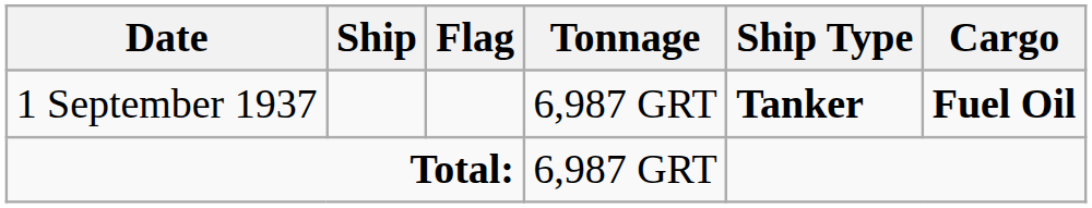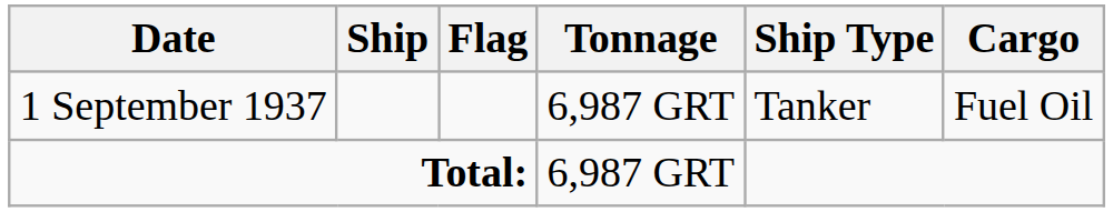 <table class="wikitable" style="margin:1em auto;">
 <tr>
 <th>Date</th>
 <th>Ship</th>
 <th>Flag</th>
 <th>Tonnage</th>
 <th>Ship Type</th>
 <th>Cargo</th>
 </tr>
 <tr>
 <td>1 September 1937</td>
 <td></td>
 <td></td>
 <td>6,987 GRT</td>
-<td><strong>Tanker</strong></td>
-<td><strong>Fuel Oil</strong></td>
+<td>Tanker</td>
+<td>Fuel Oil</td>
 </tr>
 <tr>
 <td colspan=3 align=right><strong>Total:</strong></td>
 <td>6,987 GRT</td>
 <td colspan=2></td>
 </tr>
 </table>
